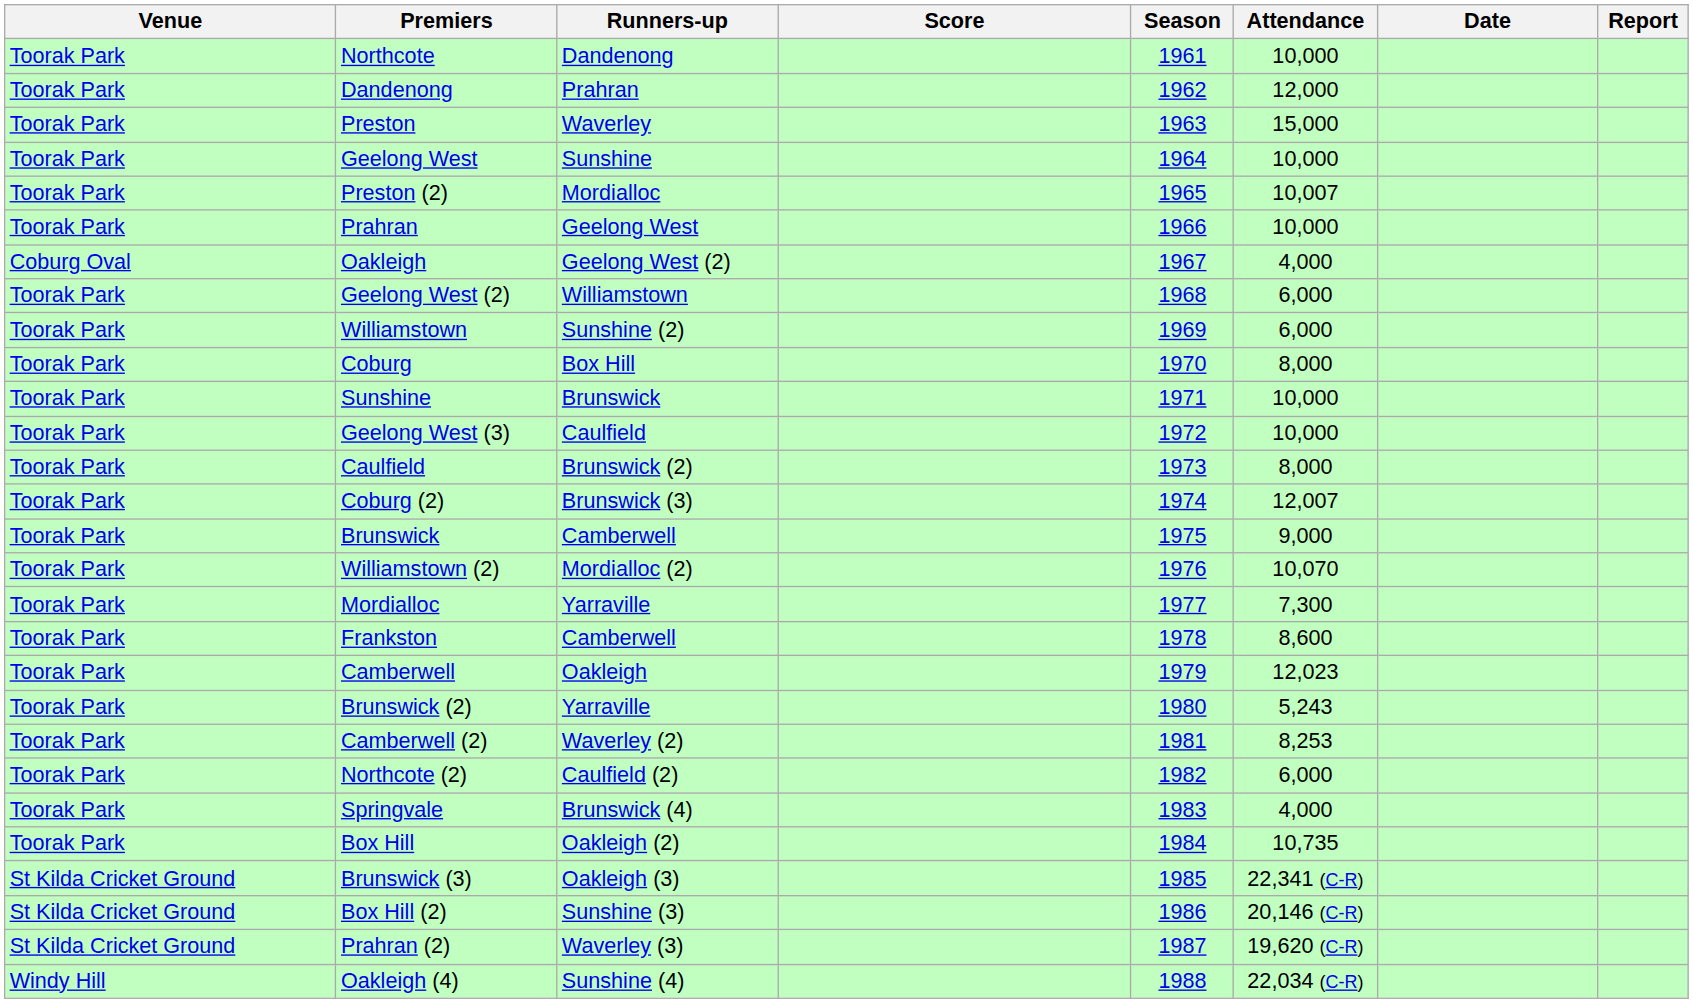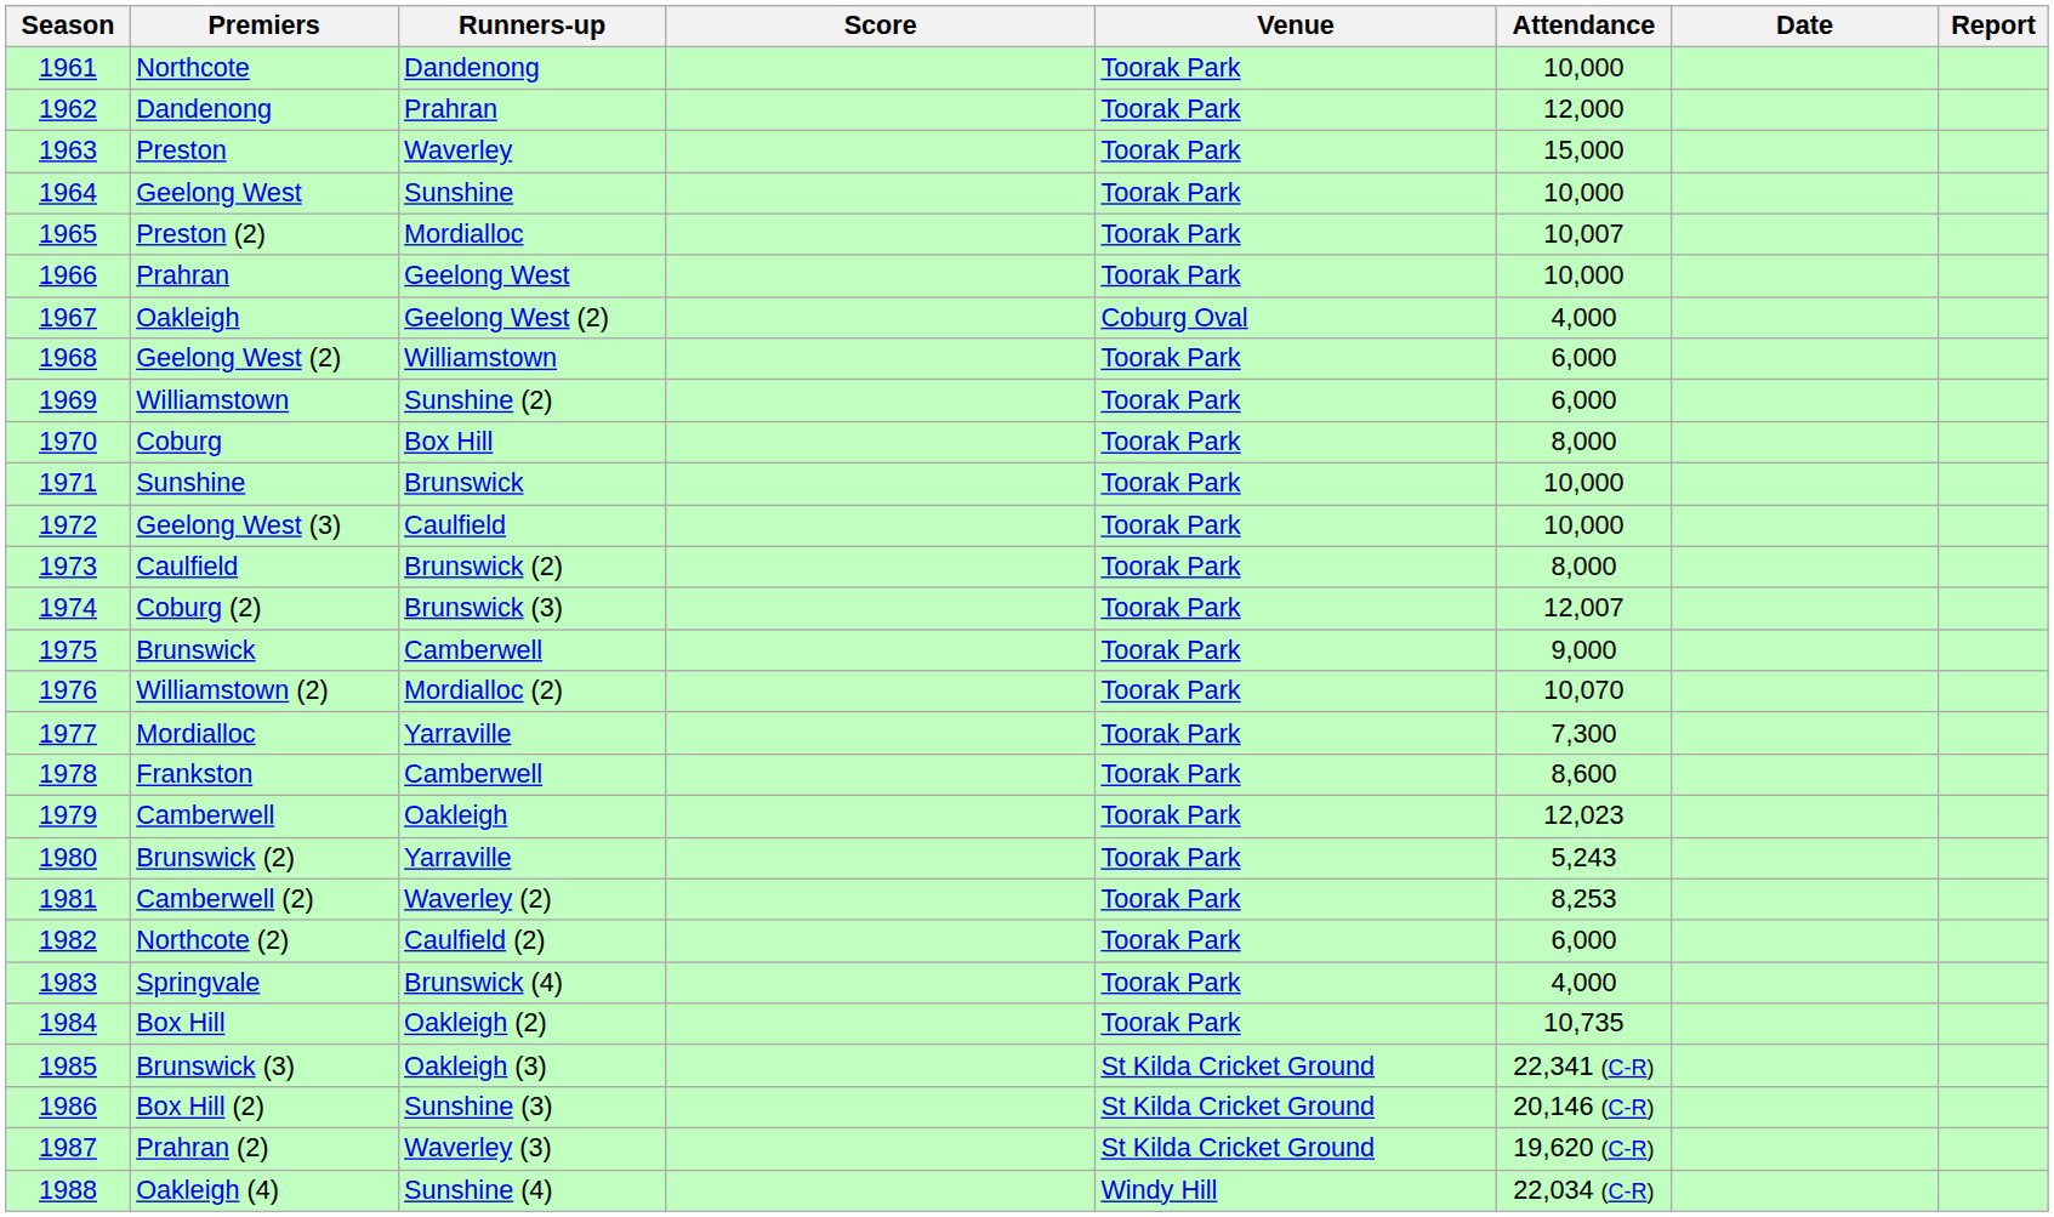 <table class="wikitable sortable" style="text-align:center; text-valign:center">
 <tr>
-<th width=15%>Venue</th>
+<th width=3%>Season</th>
 <th width=10%>Premiers</th>
 <th width=10%>Runners-up</th>
 <th width=16%>Score</th>
-<th width=3%>Season</th>
+<th width=15%>Venue</th>
 <th width=3%>Attendance</th>
 <th width=10%>Date</th>
 <th width=2%>Report</th>
 </tr>
 <tr style="background:#C0FFC0;">
-<td align=left><a href='#'>Toorak Park</a></td>
+<td><a href='#'>1961</a></td>
 <td align=left><a href='#'>Northcote</a></td>
 <td align=left><a href='#'>Dandenong</a></td>
 <td></td>
-<td><a href='#'>1961</a></td>
+<td align=left><a href='#'>Toorak Park</a></td>
 <td>10,000</td>
 <td align=left></td>
 <td></td>
 </tr>
 <tr style="background:#C0FFC0;">
-<td align=left><a href='#'>Toorak Park</a></td>
+<td><a href='#'>1962</a></td>
 <td align=left><a href='#'>Dandenong</a></td>
 <td align=left><a href='#'>Prahran</a></td>
 <td></td>
-<td><a href='#'>1962</a></td>
+<td align=left><a href='#'>Toorak Park</a></td>
 <td>12,000</td>
 <td align=left></td>
 <td></td>
 </tr>
 <tr style="background:#C0FFC0;">
-<td align=left><a href='#'>Toorak Park</a></td>
+<td><a href='#'>1963</a></td>
 <td align=left><a href='#'>Preston</a></td>
 <td align=left><a href='#'>Waverley</a></td>
 <td></td>
-<td><a href='#'>1963</a></td>
+<td align=left><a href='#'>Toorak Park</a></td>
 <td>15,000</td>
 <td align=left></td>
 <td></td>
 </tr>
 <tr style="background:#C0FFC0;">
-<td align=left><a href='#'>Toorak Park</a></td>
+<td><a href='#'>1964</a></td>
 <td align=left><a href='#'>Geelong West</a></td>
 <td align=left><a href='#'>Sunshine</a></td>
 <td></td>
-<td><a href='#'>1964</a></td>
+<td align=left><a href='#'>Toorak Park</a></td>
 <td>10,000</td>
 <td align=left></td>
 <td></td>
 </tr>
 <tr style="background:#C0FFC0;">
-<td align=left><a href='#'>Toorak Park</a></td>
+<td><a href='#'>1965</a></td>
 <td align=left><a href='#'>Preston</a> (2)</td>
 <td align=left><a href='#'>Mordialloc</a></td>
 <td></td>
-<td><a href='#'>1965</a></td>
+<td align=left><a href='#'>Toorak Park</a></td>
 <td>10,007</td>
 <td align=left></td>
 <td></td>
 </tr>
 <tr style="background:#C0FFC0;">
-<td align=left><a href='#'>Toorak Park</a></td>
+<td><a href='#'>1966</a></td>
 <td align=left><a href='#'>Prahran</a></td>
 <td align=left><a href='#'>Geelong West</a></td>
 <td></td>
-<td><a href='#'>1966</a></td>
+<td align=left><a href='#'>Toorak Park</a></td>
 <td>10,000</td>
 <td align=left></td>
 <td></td>
 </tr>
 <tr style="background:#C0FFC0;">
-<td align=left><a href='#'>Coburg Oval</a></td>
+<td><a href='#'>1967</a></td>
 <td align=left><a href='#'>Oakleigh</a></td>
 <td align=left><a href='#'>Geelong West</a> (2)</td>
 <td></td>
-<td><a href='#'>1967</a></td>
+<td align=left><a href='#'>Coburg Oval</a></td>
 <td>4,000</td>
 <td align=left></td>
 <td></td>
 </tr>
 <tr style="background:#C0FFC0;">
-<td align=left><a href='#'>Toorak Park</a></td>
+<td><a href='#'>1968</a></td>
 <td align=left><a href='#'>Geelong West</a> (2)</td>
 <td align=left><a href='#'>Williamstown</a></td>
 <td></td>
-<td><a href='#'>1968</a></td>
+<td align=left><a href='#'>Toorak Park</a></td>
 <td>6,000</td>
 <td align=left></td>
 <td></td>
 </tr>
 <tr style="background:#C0FFC0;">
-<td align=left><a href='#'>Toorak Park</a></td>
+<td><a href='#'>1969</a></td>
 <td align=left><a href='#'>Williamstown</a></td>
 <td align=left><a href='#'>Sunshine</a> (2)</td>
 <td></td>
-<td><a href='#'>1969</a></td>
+<td align=left><a href='#'>Toorak Park</a></td>
 <td>6,000</td>
 <td align=left></td>
 <td></td>
 </tr>
 <tr style="background:#C0FFC0;">
-<td align=left><a href='#'>Toorak Park</a></td>
+<td><a href='#'>1970</a></td>
 <td align=left><a href='#'>Coburg</a></td>
 <td align=left><a href='#'>Box Hill</a></td>
 <td></td>
-<td><a href='#'>1970</a></td>
+<td align=left><a href='#'>Toorak Park</a></td>
 <td>8,000</td>
 <td align=left></td>
 <td></td>
 </tr>
 <tr style="background:#C0FFC0;">
-<td align=left><a href='#'>Toorak Park</a></td>
+<td><a href='#'>1971</a></td>
 <td align=left><a href='#'>Sunshine</a></td>
 <td align=left><a href='#'>Brunswick</a></td>
 <td></td>
-<td><a href='#'>1971</a></td>
+<td align=left><a href='#'>Toorak Park</a></td>
 <td>10,000</td>
 <td align=left></td>
 <td></td>
 </tr>
 <tr style="background:#C0FFC0;">
-<td align=left><a href='#'>Toorak Park</a></td>
+<td><a href='#'>1972</a></td>
 <td align=left><a href='#'>Geelong West</a> (3)</td>
 <td align=left><a href='#'>Caulfield</a></td>
 <td></td>
-<td><a href='#'>1972</a></td>
+<td align=left><a href='#'>Toorak Park</a></td>
 <td>10,000</td>
 <td align=left></td>
 <td></td>
 </tr>
 <tr style="background:#C0FFC0;">
-<td align=left><a href='#'>Toorak Park</a></td>
+<td><a href='#'>1973</a></td>
 <td align=left><a href='#'>Caulfield</a></td>
 <td align=left><a href='#'>Brunswick</a> (2)</td>
 <td></td>
-<td><a href='#'>1973</a></td>
+<td align=left><a href='#'>Toorak Park</a></td>
 <td>8,000</td>
 <td align=left></td>
 <td></td>
 </tr>
 <tr style="background:#C0FFC0;">
-<td align=left><a href='#'>Toorak Park</a></td>
+<td><a href='#'>1974</a></td>
 <td align=left><a href='#'>Coburg</a> (2)</td>
 <td align=left><a href='#'>Brunswick</a> (3)</td>
 <td></td>
-<td><a href='#'>1974</a></td>
+<td align=left><a href='#'>Toorak Park</a></td>
 <td>12,007</td>
 <td align=left></td>
 <td></td>
 </tr>
 <tr style="background:#C0FFC0;">
-<td align=left><a href='#'>Toorak Park</a></td>
+<td><a href='#'>1975</a></td>
 <td align=left><a href='#'>Brunswick</a></td>
 <td align=left><a href='#'>Camberwell</a></td>
 <td></td>
-<td><a href='#'>1975</a></td>
+<td align=left><a href='#'>Toorak Park</a></td>
 <td>9,000</td>
 <td align=left></td>
 <td></td>
 </tr>
 <tr style="background:#C0FFC0;">
-<td align=left><a href='#'>Toorak Park</a></td>
+<td><a href='#'>1976</a></td>
 <td align=left><a href='#'>Williamstown</a> (2)</td>
 <td align=left><a href='#'>Mordialloc</a> (2)</td>
 <td></td>
-<td><a href='#'>1976</a></td>
+<td align=left><a href='#'>Toorak Park</a></td>
 <td>10,070</td>
 <td align=left></td>
 <td></td>
 </tr>
 <tr style="background:#C0FFC0;">
-<td align=left><a href='#'>Toorak Park</a></td>
+<td><a href='#'>1977</a></td>
 <td align=left><a href='#'>Mordialloc</a></td>
 <td align=left><a href='#'>Yarraville</a></td>
 <td></td>
-<td><a href='#'>1977</a></td>
+<td align=left><a href='#'>Toorak Park</a></td>
 <td>7,300</td>
 <td align=left></td>
 <td></td>
 </tr>
 <tr style="background:#C0FFC0;">
-<td align=left><a href='#'>Toorak Park</a></td>
+<td><a href='#'>1978</a></td>
 <td align=left><a href='#'>Frankston</a></td>
 <td align=left><a href='#'>Camberwell</a></td>
 <td></td>
-<td><a href='#'>1978</a></td>
+<td align=left><a href='#'>Toorak Park</a></td>
 <td>8,600</td>
 <td align=left></td>
 <td></td>
 </tr>
 <tr style="background:#C0FFC0;">
-<td align=left><a href='#'>Toorak Park</a></td>
+<td><a href='#'>1979</a></td>
 <td align=left><a href='#'>Camberwell</a></td>
 <td align=left><a href='#'>Oakleigh</a></td>
 <td></td>
-<td><a href='#'>1979</a></td>
+<td align=left><a href='#'>Toorak Park</a></td>
 <td>12,023</td>
 <td align=left></td>
 <td></td>
 </tr>
 <tr style="background:#C0FFC0;">
-<td align=left><a href='#'>Toorak Park</a></td>
+<td><a href='#'>1980</a></td>
 <td align=left><a href='#'>Brunswick</a> (2)</td>
 <td align=left><a href='#'>Yarraville</a></td>
 <td></td>
-<td><a href='#'>1980</a></td>
+<td align=left><a href='#'>Toorak Park</a></td>
 <td>5,243</td>
 <td align=left></td>
 <td></td>
 </tr>
 <tr style="background:#C0FFC0;">
-<td align=left><a href='#'>Toorak Park</a></td>
+<td><a href='#'>1981</a></td>
 <td align=left><a href='#'>Camberwell</a> (2)</td>
 <td align=left><a href='#'>Waverley</a> (2)</td>
 <td></td>
-<td><a href='#'>1981</a></td>
+<td align=left><a href='#'>Toorak Park</a></td>
 <td>8,253</td>
 <td align=left></td>
 <td></td>
 </tr>
 <tr style="background:#C0FFC0;">
-<td align=left><a href='#'>Toorak Park</a></td>
+<td><a href='#'>1982</a></td>
 <td align=left><a href='#'>Northcote</a> (2)</td>
 <td align=left><a href='#'>Caulfield</a> (2)</td>
 <td></td>
-<td><a href='#'>1982</a></td>
+<td align=left><a href='#'>Toorak Park</a></td>
 <td>6,000</td>
 <td align=left></td>
 <td></td>
 </tr>
 <tr style="background:#C0FFC0;">
-<td align=left><a href='#'>Toorak Park</a></td>
+<td><a href='#'>1983</a></td>
 <td align=left><a href='#'>Springvale</a></td>
 <td align=left><a href='#'>Brunswick</a> (4)</td>
 <td></td>
-<td><a href='#'>1983</a></td>
+<td align=left><a href='#'>Toorak Park</a></td>
 <td>4,000</td>
 <td align=left></td>
 <td></td>
 </tr>
 <tr style="background:#C0FFC0;">
-<td align=left><a href='#'>Toorak Park</a></td>
+<td><a href='#'>1984</a></td>
 <td align=left><a href='#'>Box Hill</a></td>
 <td align=left><a href='#'>Oakleigh</a> (2)</td>
 <td></td>
-<td><a href='#'>1984</a></td>
+<td align=left><a href='#'>Toorak Park</a></td>
 <td>10,735</td>
 <td align=left></td>
 <td></td>
 </tr>
 <tr style="background:#C0FFC0;">
-<td align=left><a href='#'>St Kilda Cricket Ground</a></td>
+<td><a href='#'>1985</a></td>
 <td align=left><a href='#'>Brunswick</a> (3)</td>
 <td align=left><a href='#'>Oakleigh</a> (3)</td>
 <td></td>
-<td><a href='#'>1985</a></td>
+<td align=left><a href='#'>St Kilda Cricket Ground</a></td>
 <td>22,341 <small>(<a href='#'>C-R</a>)</small></td>
 <td align=left></td>
 <td></td>
 </tr>
 <tr style="background:#C0FFC0;">
-<td align=left><a href='#'>St Kilda Cricket Ground</a></td>
+<td><a href='#'>1986</a></td>
 <td align=left><a href='#'>Box Hill</a> (2)</td>
 <td align=left><a href='#'>Sunshine</a> (3)</td>
 <td></td>
-<td><a href='#'>1986</a></td>
+<td align=left><a href='#'>St Kilda Cricket Ground</a></td>
 <td>20,146 <small>(<a href='#'>C-R</a>)</small></td>
 <td align=left></td>
 <td></td>
 </tr>
 <tr style="background:#C0FFC0;">
-<td align=left><a href='#'>St Kilda Cricket Ground</a></td>
+<td><a href='#'>1987</a></td>
 <td align=left><a href='#'>Prahran</a> (2)</td>
 <td align=left><a href='#'>Waverley</a> (3)</td>
 <td></td>
-<td><a href='#'>1987</a></td>
+<td align=left><a href='#'>St Kilda Cricket Ground</a></td>
 <td>19,620 <small>(<a href='#'>C-R</a>)</small></td>
 <td align=left></td>
 <td></td>
 </tr>
 <tr style="background:#C0FFC0;">
-<td align=left><a href='#'>Windy Hill</a></td>
+<td><a href='#'>1988</a></td>
 <td align=left><a href='#'>Oakleigh</a> (4)</td>
 <td align=left><a href='#'>Sunshine</a> (4)</td>
 <td></td>
-<td><a href='#'>1988</a></td>
+<td align=left><a href='#'>Windy Hill</a></td>
 <td>22,034 <small>(<a href='#'>C-R</a>)</small></td>
 <td align=left></td>
 <td></td>
 </tr>
 </table>
